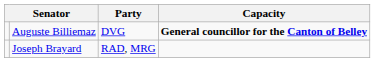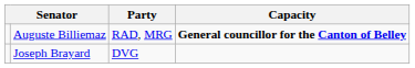 <table class="wikitable">
 <tr>
 <th colspan="2">Senator</th>
 <th>Party</th>
 <th>Capacity</th>
 </tr>
 <tr>
 <td></td>
 <td><a href='#'>Auguste Billiemaz</a></td>
-<td><a href='#'>DVG</a></td>
+<td><a href='#'>RAD</a>, <a href='#'>MRG</a></td>
 <td><strong>General councillor for the <a href='#'>Canton of Belley</a></strong></td>
 </tr>
 <tr>
 <td></td>
 <td><a href='#'>Joseph Brayard</a></td>
-<td><a href='#'>RAD</a>, <a href='#'>MRG</a></td>
+<td><a href='#'>DVG</a></td>
 <td></td>
 </tr>
 </table>
